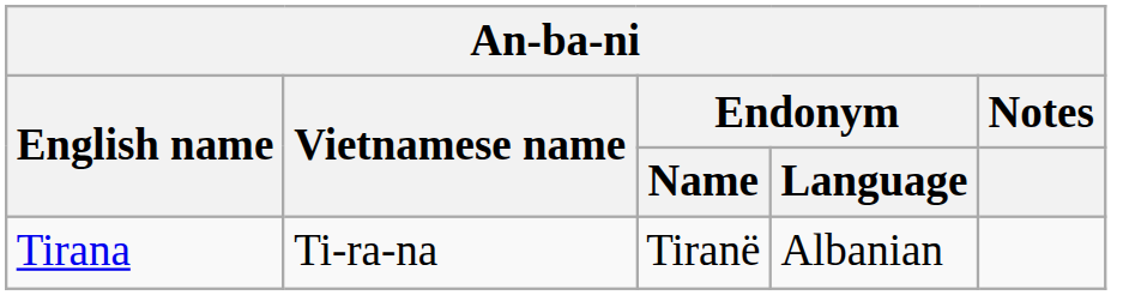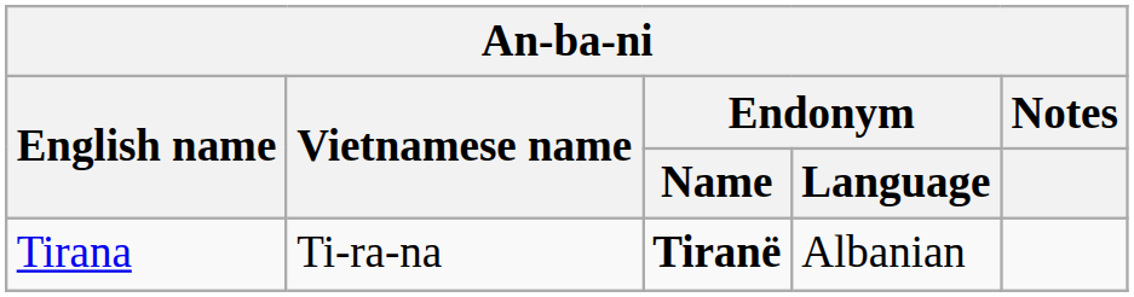 <table class="wikitable sortable">
 <tr>
 <th colspan="5"> An-ba-ni</th>
 </tr>
 <tr>
 <th rowspan="2">English name</th>
 <th rowspan="2">Vietnamese name</th>
 <th colspan="2">Endonym</th>
 <th>Notes</th>
 </tr>
 <tr>
 <th>Name</th>
 <th>Language</th>
 <th></th>
 </tr>
 <tr>
 <td><a href='#'>Tirana</a></td>
 <td>Ti-ra-na</td>
-<td>Tiranë</td>
+<td><strong>Tiranë</strong></td>
 <td>Albanian</td>
 <td></td>
 </tr>
 </table>
